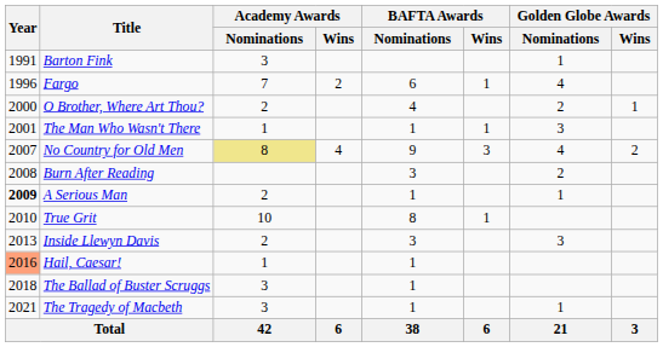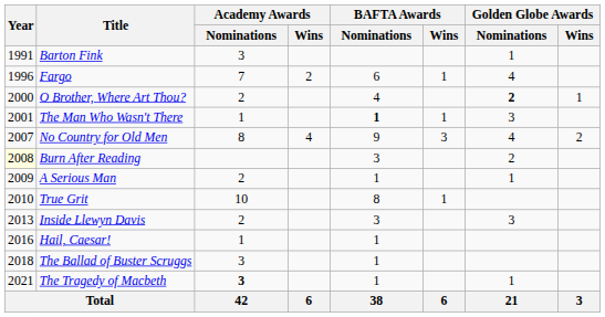 <table class="wikitable">
 <tr>
 <th rowspan="2">Year</th>
 <th rowspan="2">Title</th>
 <th colspan="2" style="text-align:center;" width=160>Academy Awards</th>
 <th colspan="2" style="text-align:center;" width=160>BAFTA Awards</th>
 <th colspan="2" style="text-align:center;" width=160>Golden Globe Awards</th>
 </tr>
 <tr>
 <th>Nominations</th>
 <th>Wins</th>
 <th>Nominations</th>
 <th>Wins</th>
 <th>Nominations</th>
 <th>Wins</th>
 </tr>
 <tr>
 <td>1991</td>
 <td><em><a href='#'>Barton Fink</a></em></td>
 <td align=center>3</td>
 <td></td>
 <td></td>
 <td></td>
 <td align=center>1</td>
 <td></td>
 </tr>
 <tr>
 <td>1996</td>
 <td><em><a href='#'>Fargo</a></em></td>
 <td align=center>7</td>
 <td align=center>2</td>
 <td align=center>6</td>
 <td align=center>1</td>
 <td align=center>4</td>
 <td></td>
 </tr>
 <tr>
 <td>2000</td>
 <td><em><a href='#'>O Brother, Where Art Thou?</a></em></td>
 <td align=center>2</td>
 <td></td>
 <td align=center>4</td>
 <td></td>
-<td align=center>2</td>
+<td align=center><strong>2</strong></td>
 <td align=center>1</td>
 </tr>
 <tr>
 <td>2001</td>
 <td><em><a href='#'>The Man Who Wasn't There</a></em></td>
 <td align=center>1</td>
 <td></td>
-<td align=center>1</td>
+<td align=center><strong>1</strong></td>
 <td align=center>1</td>
 <td align=center>3</td>
 <td></td>
 </tr>
 <tr>
 <td>2007</td>
 <td><em><a href='#'>No Country for Old Men</a></em></td>
-<td align=center style="background: khaki;">8</td>
+<td align=center>8</td>
 <td align=center>4</td>
 <td align=center>9</td>
 <td align=center>3</td>
 <td align=center>4</td>
 <td align=center>2</td>
 </tr>
 <tr>
-<td>2008</td>
+<td style="background: lightyellow;">2008</td>
 <td><em><a href='#'>Burn After Reading</a></em></td>
 <td></td>
 <td></td>
 <td align=center>3</td>
 <td></td>
 <td align=center>2</td>
 <td></td>
 </tr>
 <tr>
-<td><strong>2009</strong></td>
+<td>2009</td>
 <td><em><a href='#'>A Serious Man</a></em></td>
 <td align=center>2</td>
 <td></td>
 <td align=center>1</td>
 <td></td>
 <td align=center>1</td>
 <td></td>
 </tr>
 <tr>
 <td>2010</td>
 <td><em><a href='#'>True Grit</a></em></td>
 <td align=center>10</td>
 <td></td>
 <td align=center>8</td>
 <td align=center>1</td>
 <td></td>
 <td></td>
 </tr>
 <tr>
 <td>2013</td>
 <td><em><a href='#'>Inside Llewyn Davis</a></em></td>
 <td align=center>2</td>
 <td></td>
 <td align=center>3</td>
 <td></td>
 <td align=center>3</td>
 <td></td>
 </tr>
 <tr>
-<td style="background: lightsalmon;">2016</td>
+<td>2016</td>
 <td><em><a href='#'>Hail, Caesar!</a></em></td>
 <td align=center>1</td>
 <td></td>
 <td align=center>1</td>
 <td></td>
 <td></td>
 <td></td>
 </tr>
 <tr>
 <td>2018</td>
 <td><em><a href='#'>The Ballad of Buster Scruggs</a></em></td>
 <td align=center>3</td>
 <td></td>
 <td align=center>1</td>
 <td></td>
 <td></td>
 <td></td>
 </tr>
 <tr>
 <td>2021</td>
 <td><em><a href='#'>The Tragedy of Macbeth</a></em></td>
-<td align=center>3</td>
+<td align=center><strong>3</strong></td>
 <td></td>
 <td align=center>1</td>
 <td></td>
 <td align=center>1</td>
 <td></td>
 </tr>
 <tr>
 <th colspan="2"><strong>Total</strong></th>
 <th align=center>42</th>
 <th align=center>6</th>
 <th align=center>38</th>
 <th align=center>6</th>
 <th align=center>21</th>
 <th align=center>3</th>
 </tr>
 </table>
